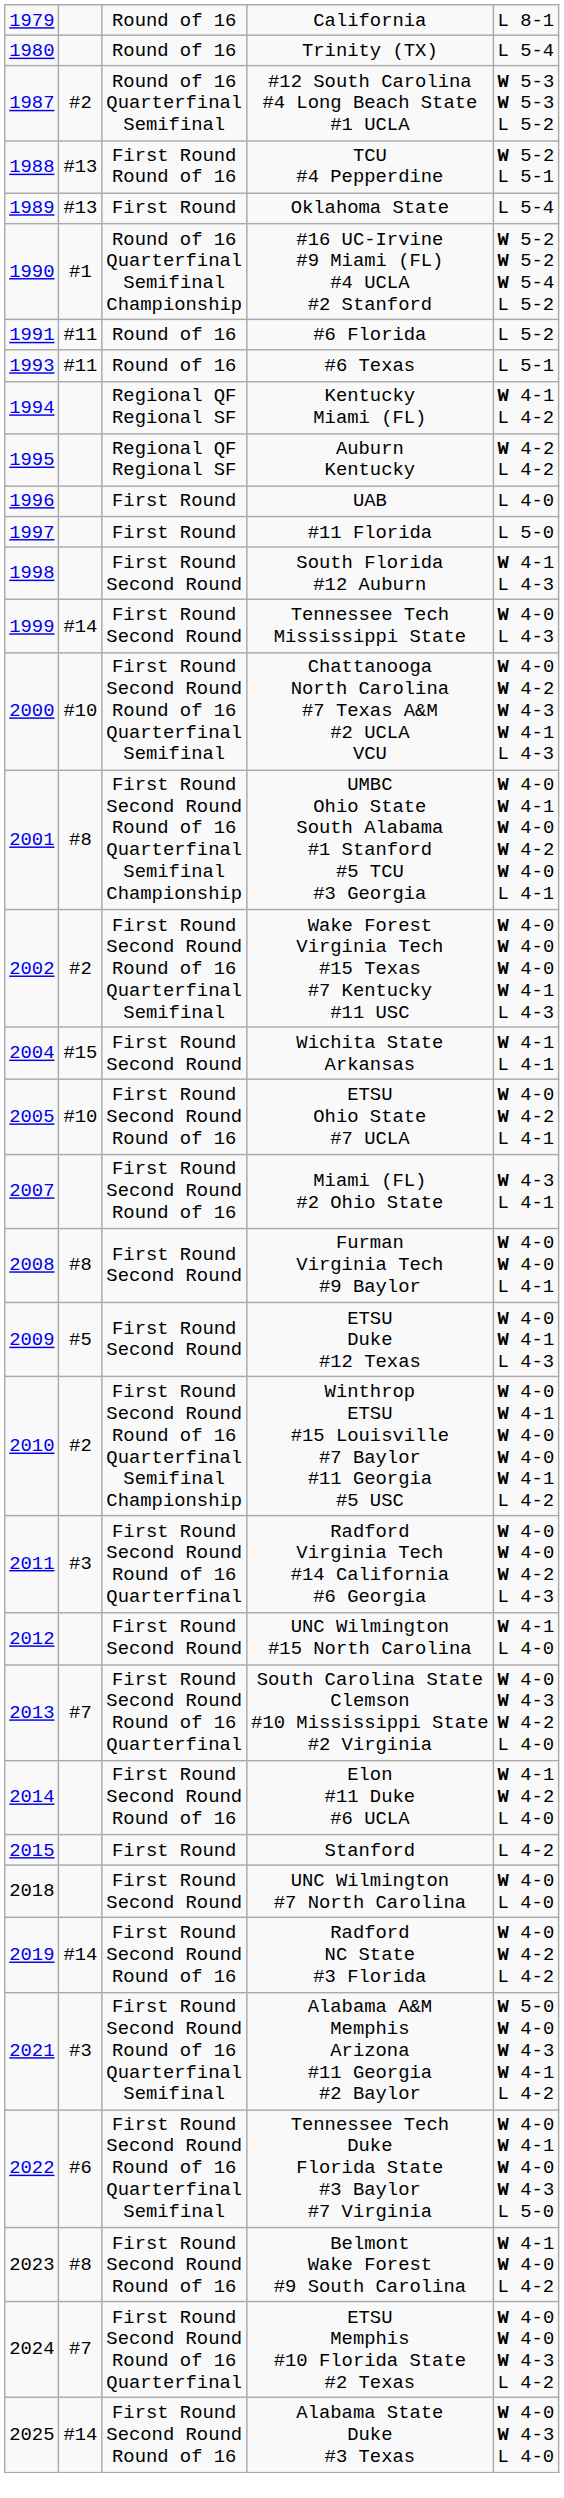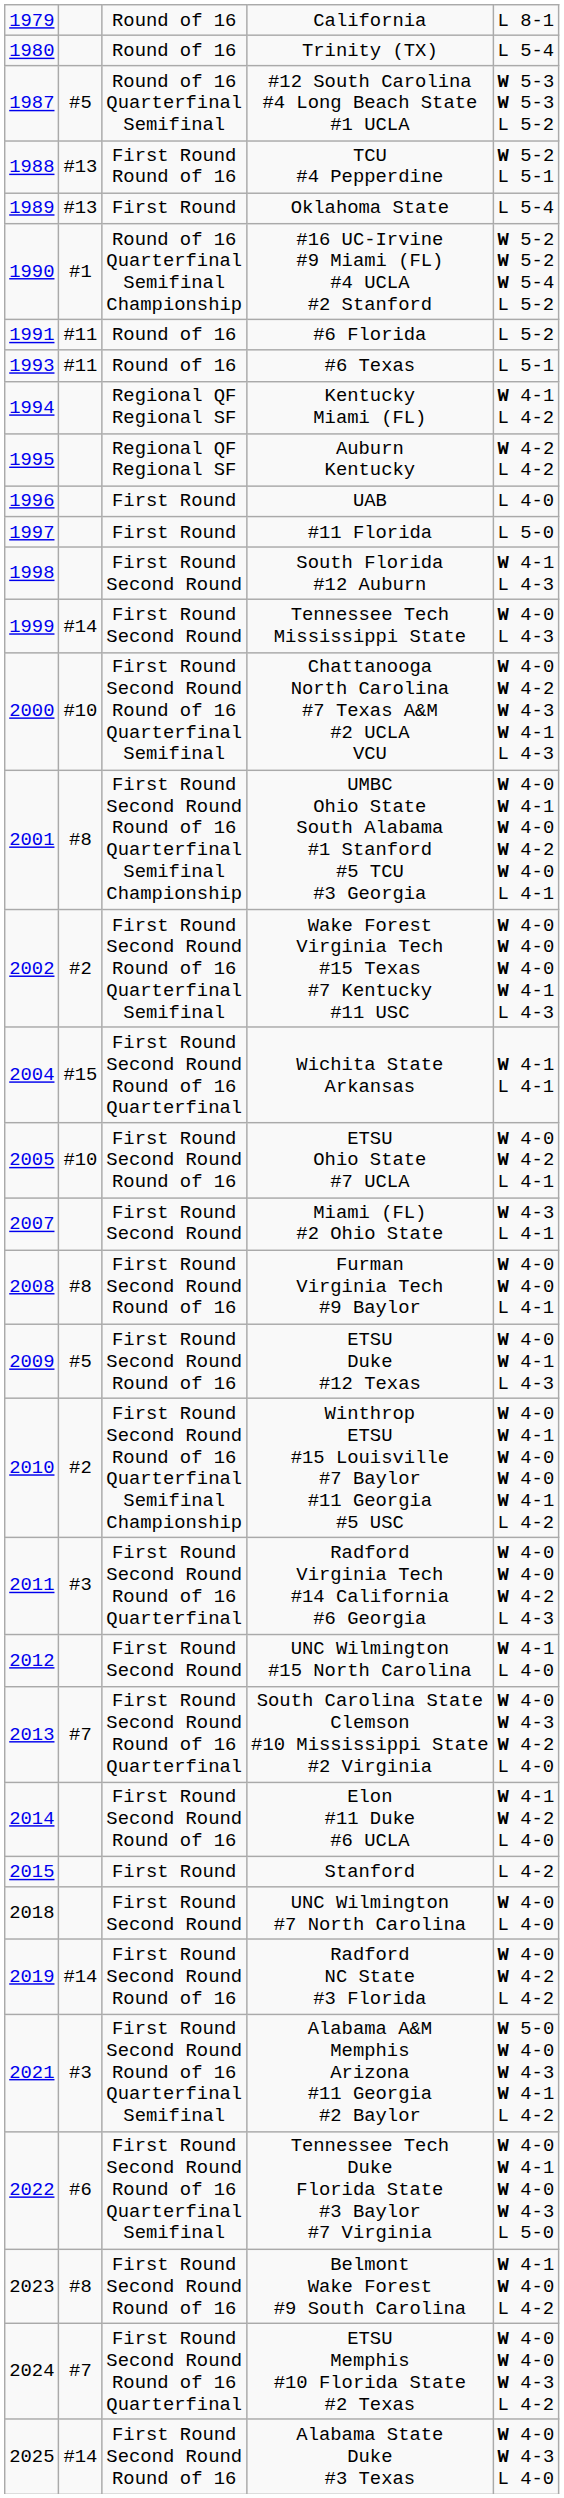 <table class="wikitable">
 <tr align="center">
 <td><a href='#'>1979</a></td>
 <td></td>
 <td>Round of 16</td>
 <td>California</td>
 <td>L 8-1</td>
 </tr>
 <tr align="center">
 <td><a href='#'>1980</a></td>
 <td></td>
 <td>Round of 16</td>
 <td>Trinity (TX)</td>
 <td>L 5-4</td>
 </tr>
 <tr align="center">
 <td><a href='#'>1987</a></td>
-<td>#2</td>
+<td>#5</td>
 <td>Round of 16 <br> Quarterfinal <br> Semifinal</td>
 <td>#12 South Carolina <br> #4 Long Beach State <br> #1 UCLA</td>
 <td><strong>W</strong> 5-3 <br> <strong>W</strong> 5-3 <br> L 5-2</td>
 </tr>
 <tr align="center">
 <td><a href='#'>1988</a></td>
 <td>#13</td>
 <td>First Round <br> Round of 16</td>
 <td>TCU <br> #4 Pepperdine</td>
 <td><strong>W</strong> 5-2 <br> L 5-1</td>
 </tr>
 <tr align="center">
 <td><a href='#'>1989</a></td>
 <td>#13</td>
 <td>First Round</td>
 <td>Oklahoma State</td>
 <td>L 5-4</td>
 </tr>
 <tr align="center">
 <td><a href='#'>1990</a></td>
 <td>#1</td>
 <td>Round of 16 <br> Quarterfinal <br> Semifinal <br> Championship</td>
 <td>#16 UC-Irvine <br> #9 Miami (FL) <br> #4 UCLA <br> #2 Stanford</td>
 <td><strong>W</strong> 5-2 <br> <strong>W</strong> 5-2 <br> <strong>W</strong> 5-4 <br> L 5-2</td>
 </tr>
 <tr align="center">
 <td><a href='#'>1991</a></td>
 <td>#11</td>
 <td>Round of 16</td>
 <td>#6 Florida</td>
 <td>L 5-2</td>
 </tr>
 <tr align="center">
 <td><a href='#'>1993</a></td>
 <td>#11</td>
 <td>Round of 16</td>
 <td>#6 Texas</td>
 <td>L 5-1</td>
 </tr>
 <tr align="center">
 <td><a href='#'>1994</a></td>
 <td></td>
 <td>Regional QF <br> Regional SF</td>
 <td>Kentucky <br> Miami (FL)</td>
 <td><strong>W</strong> 4-1 <br> L 4-2</td>
 </tr>
 <tr align="center">
 <td><a href='#'>1995</a></td>
 <td></td>
 <td>Regional QF <br> Regional SF</td>
 <td>Auburn <br> Kentucky</td>
 <td><strong>W</strong> 4-2 <br> L 4-2</td>
 </tr>
 <tr align="center">
 <td><a href='#'>1996</a></td>
 <td></td>
 <td>First Round</td>
 <td>UAB</td>
 <td>L 4-0</td>
 </tr>
 <tr align="center">
 <td><a href='#'>1997</a></td>
 <td></td>
 <td>First Round</td>
 <td>#11 Florida</td>
 <td>L 5-0</td>
 </tr>
 <tr align="center">
 <td><a href='#'>1998</a></td>
 <td></td>
 <td>First Round <br> Second Round</td>
 <td>South Florida <br> #12 Auburn</td>
 <td><strong>W</strong> 4-1 <br> L 4-3</td>
 </tr>
 <tr align="center">
 <td><a href='#'>1999</a></td>
 <td>#14</td>
 <td>First Round <br> Second Round</td>
 <td>Tennessee Tech <br> Mississippi State</td>
 <td><strong>W</strong> 4-0 <br> L 4-3</td>
 </tr>
 <tr align="center">
 <td><a href='#'>2000</a></td>
 <td>#10</td>
 <td>First Round <br> Second Round <br> Round of 16 <br> Quarterfinal <br> Semifinal</td>
 <td>Chattanooga <br> North Carolina <br> #7 Texas A&M <br> #2 UCLA <br> VCU</td>
 <td><strong>W</strong> 4-0 <br> <strong>W</strong> 4-2 <br> <strong>W</strong> 4-3 <br> <strong>W</strong> 4-1 <br> L 4-3</td>
 </tr>
 <tr align="center">
 <td><a href='#'>2001</a></td>
 <td>#8</td>
 <td>First Round <br> Second Round <br> Round of 16 <br> Quarterfinal <br> Semifinal <br> Championship</td>
 <td>UMBC <br> Ohio State <br> South Alabama <br> #1 Stanford <br> #5 TCU <br> #3 Georgia</td>
 <td><strong>W</strong> 4-0 <br> <strong>W</strong> 4-1 <br> <strong>W</strong> 4-0 <br> <strong>W</strong> 4-2 <br> <strong>W</strong> 4-0 <br> L 4-1</td>
 </tr>
 <tr align="center">
 <td><a href='#'>2002</a></td>
 <td>#2</td>
 <td>First Round <br> Second Round <br> Round of 16 <br> Quarterfinal <br> Semifinal</td>
 <td>Wake Forest <br> Virginia Tech <br> #15 Texas <br> #7 Kentucky <br> #11 USC</td>
 <td><strong>W</strong> 4-0 <br> <strong>W</strong> 4-0 <br> <strong>W</strong> 4-0 <br> <strong>W</strong> 4-1 <br> L 4-3</td>
 </tr>
 <tr align="center">
 <td><a href='#'>2004</a></td>
 <td>#15</td>
-<td>First Round <br> Second Round</td>
+<td>First Round <br> Second Round <br> Round of 16 <br> Quarterfinal</td>
 <td>Wichita State <br> Arkansas</td>
 <td><strong>W</strong> 4-1 <br> L 4-1</td>
 </tr>
 <tr align="center">
 <td><a href='#'>2005</a></td>
 <td>#10</td>
 <td>First Round <br> Second Round <br> Round of 16</td>
 <td>ETSU <br> Ohio State <br> #7 UCLA</td>
 <td><strong>W</strong> 4-0 <br> <strong>W</strong> 4-2 <br> L 4-1</td>
 </tr>
 <tr align="center">
 <td><a href='#'>2007</a></td>
 <td></td>
-<td>First Round <br> Second Round <br> Round of 16</td>
+<td>First Round <br> Second Round</td>
 <td>Miami (FL) <br> #2 Ohio State</td>
 <td><strong>W</strong> 4-3 <br> L 4-1</td>
 </tr>
 <tr align="center">
 <td><a href='#'>2008</a></td>
 <td>#8</td>
-<td>First Round <br> Second Round</td>
+<td>First Round <br> Second Round <br> Round of 16</td>
 <td>Furman <br> Virginia Tech <br> #9 Baylor</td>
 <td><strong>W</strong> 4-0 <br> <strong>W</strong> 4-0 <br> L 4-1</td>
 </tr>
 <tr align="center">
 <td><a href='#'>2009</a></td>
 <td>#5</td>
-<td>First Round <br> Second Round</td>
+<td>First Round <br> Second Round <br> Round of 16</td>
 <td>ETSU <br> Duke <br> #12 Texas</td>
 <td><strong>W</strong> 4-0 <br> <strong>W</strong> 4-1 <br> L 4-3</td>
 </tr>
 <tr align="center">
 <td><a href='#'>2010</a></td>
 <td>#2</td>
 <td>First Round <br> Second Round <br> Round of 16 <br> Quarterfinal <br> Semifinal <br> Championship</td>
 <td>Winthrop <br> ETSU <br> #15 Louisville <br> #7 Baylor <br> #11 Georgia <br> #5 USC</td>
 <td><strong>W</strong> 4-0 <br> <strong>W</strong> 4-1 <br> <strong>W</strong> 4-0 <br> <strong>W</strong> 4-0 <br> <strong>W</strong> 4-1 <br> L 4-2</td>
 </tr>
 <tr align="center">
 <td><a href='#'>2011</a></td>
 <td>#3</td>
 <td>First Round <br> Second Round <br> Round of 16 <br> Quarterfinal</td>
 <td>Radford <br> Virginia Tech <br> #14 California <br> #6 Georgia</td>
 <td><strong>W</strong> 4-0 <br> <strong>W</strong> 4-0 <br> <strong>W</strong> 4-2 <br> L 4-3</td>
 </tr>
 <tr align="center">
 <td><a href='#'>2012</a></td>
 <td></td>
 <td>First Round <br> Second Round</td>
 <td>UNC Wilmington <br> #15 North Carolina</td>
 <td><strong>W</strong> 4-1 <br> L 4-0</td>
 </tr>
 <tr align="center">
 <td><a href='#'>2013</a></td>
 <td>#7</td>
 <td>First Round <br> Second Round <br> Round of 16 <br> Quarterfinal</td>
 <td>South Carolina State <br> Clemson <br> #10 Mississippi State <br> #2 Virginia</td>
 <td><strong>W</strong> 4-0 <br> <strong>W</strong> 4-3 <br> <strong>W</strong> 4-2 <br> L 4-0</td>
 </tr>
 <tr align="center">
 <td><a href='#'>2014</a></td>
 <td></td>
 <td>First Round <br> Second Round <br> Round of 16</td>
 <td>Elon <br> #11 Duke <br> #6 UCLA</td>
 <td><strong>W</strong> 4-1 <br> <strong>W</strong> 4-2 <br> L 4-0</td>
 </tr>
 <tr align="center">
 <td><a href='#'>2015</a></td>
 <td></td>
 <td>First Round</td>
 <td>Stanford</td>
 <td>L 4-2</td>
 </tr>
 <tr align="center">
 <td>2018</td>
 <td></td>
 <td>First Round <br> Second Round</td>
 <td>UNC Wilmington <br> #7 North Carolina</td>
 <td><strong>W</strong> 4-0 <br> L 4-0</td>
 </tr>
 <tr align="center">
 <td><a href='#'>2019</a></td>
 <td>#14</td>
 <td>First Round <br> Second Round <br> Round of 16 <br></td>
 <td>Radford <br> NC State <br> #3 Florida</td>
 <td><strong>W</strong> 4-0 <br> <strong>W</strong> 4-2 <br> L 4-2</td>
 </tr>
 <tr align="center">
 <td><a href='#'>2021</a></td>
 <td>#3</td>
 <td>First Round <br> Second Round <br> Round of 16 <br> Quarterfinal <br> Semifinal</td>
 <td>Alabama A&M <br> Memphis <br> Arizona <br> #11 Georgia <br> #2 Baylor</td>
 <td><strong>W</strong> 5-0 <br> <strong>W</strong> 4-0 <br> <strong>W</strong> 4-3 <br> <strong>W</strong> 4-1 <br> L 4-2</td>
 </tr>
 <tr align="center">
 <td><a href='#'>2022</a></td>
 <td>#6</td>
 <td>First Round <br> Second Round <br> Round of 16 <br> Quarterfinal <br> Semifinal</td>
 <td>Tennessee Tech <br> Duke <br> Florida State <br> #3 Baylor <br> #7 Virginia</td>
 <td><strong>W</strong> 4-0 <br> <strong>W</strong> 4-1 <br> <strong>W</strong> 4-0 <br> <strong>W</strong> 4-3 <br> L 5-0</td>
 </tr>
 <tr align="center">
 <td>2023</td>
 <td>#8</td>
 <td>First Round <br> Second Round <br> Round of 16</td>
 <td>Belmont <br> Wake Forest <br> #9 South Carolina</td>
 <td><strong>W</strong> 4-1 <br> <strong>W</strong> 4-0 <br> L 4-2</td>
 </tr>
 <tr align="center">
 <td>2024</td>
 <td>#7</td>
 <td>First Round <br> Second Round <br> Round of 16 <br> Quarterfinal</td>
 <td>ETSU <br> Memphis <br> #10 Florida State <br> #2 Texas</td>
 <td><strong>W</strong> 4-0 <br> <strong>W</strong> 4-0 <br><strong>W</strong> 4-3 <br> L 4-2</td>
 </tr>
 <tr align="center">
 <td>2025</td>
 <td>#14</td>
 <td>First Round <br> Second Round <br> Round of 16</td>
 <td>Alabama State <br> Duke <br> #3 Texas</td>
 <td><strong>W</strong> 4-0 <br> <strong>W</strong> 4-3 <br>L 4-0</td>
 </tr>
 </table>
